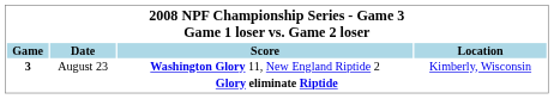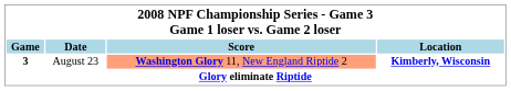 <table cellpadding="1"  style="min-width:45em;text-align:center;font-size:100%; border:1px solid gray;">
 <tr style="font-size:larger;">
 <th colspan=8>2008 NPF Championship Series - Game 3<br>Game 1 loser vs. Game 2 loser</th>
 </tr>
 <tr style="background:lightblue;">
 <th>Game</th>
 <th>Date</th>
 <th>Score</th>
 <th>Location</th>
 </tr>
 <tr>
 <td><strong>3</strong></td>
 <td>August 23</td>
-<td><strong><a href='#'>Washington Glory</a></strong> 11, <a href='#'>New England Riptide</a> 2</td>
-<td><a href='#'>Kimberly, Wisconsin</a></td>
+<td style="background: lightsalmon;"><strong><a href='#'>Washington Glory</a></strong> 11, <a href='#'>New England Riptide</a> 2</td>
+<td><strong><a href='#'>Kimberly, Wisconsin</a></strong></td>
 </tr>
 <tr>
 <th colspan=8><a href='#'>Glory</a> eliminate <a href='#'>Riptide</a></th>
 </tr>
 </table>
